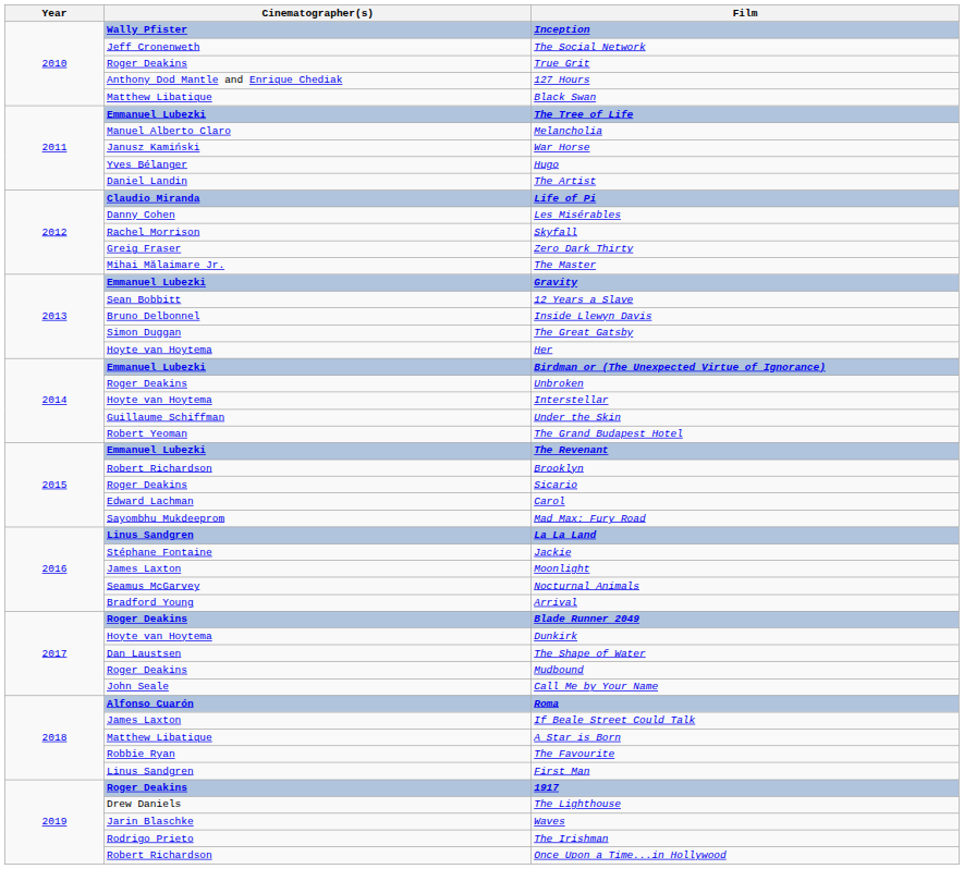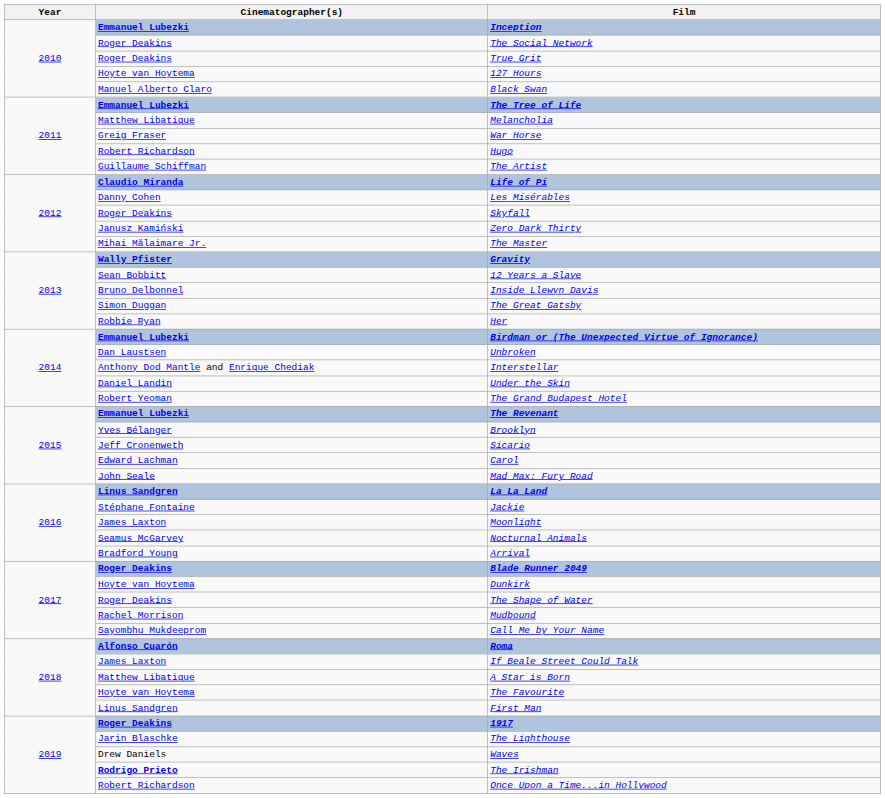 <table class="wikitable" width="95%" cellpadding="5">
 <tr>
 <th width="100"><strong>Year</strong></th>
 <th width="450"><strong>Cinematographer(s)</strong></th>
 <th width="450"><strong>Film</strong></th>
 </tr>
 <tr>
 <td rowspan="5" style="text-align:center;"><a href='#'>2010</a></td>
-<td style="background:#B0C4DE;"><strong><a href='#'>Wally Pfister</a></strong></td>
+<td style="background:#B0C4DE;"><strong><a href='#'>Emmanuel Lubezki</a></strong></td>
 <td style="background:#B0C4DE;"><strong><em><a href='#'>Inception</a></em></strong></td>
 </tr>
 <tr>
-<td><a href='#'>Jeff Cronenweth</a></td>
+<td><a href='#'>Roger Deakins</a></td>
 <td><em><a href='#'>The Social Network</a></em></td>
 </tr>
 <tr>
 <td><a href='#'>Roger Deakins</a></td>
 <td><em><a href='#'>True Grit</a></em></td>
 </tr>
 <tr>
-<td><a href='#'>Anthony Dod Mantle</a> and <a href='#'>Enrique Chediak</a></td>
+<td><a href='#'>Hoyte van Hoytema</a></td>
 <td><em><a href='#'>127 Hours</a></em></td>
 </tr>
 <tr>
-<td><a href='#'>Matthew Libatique</a></td>
+<td><a href='#'>Manuel Alberto Claro</a></td>
 <td><em><a href='#'>Black Swan</a></em></td>
 </tr>
 <tr>
 <td rowspan="5" style="text-align:center;"><a href='#'>2011</a></td>
 <td style="background:#B0C4DE;"><strong><a href='#'>Emmanuel Lubezki</a></strong></td>
 <td style="background:#B0C4DE;"><strong><em><a href='#'>The Tree of Life</a></em></strong></td>
 </tr>
 <tr>
-<td><a href='#'>Manuel Alberto Claro</a></td>
+<td><a href='#'>Matthew Libatique</a></td>
 <td><em><a href='#'>Melancholia</a></em></td>
 </tr>
 <tr>
-<td><a href='#'>Janusz Kamiński</a></td>
+<td><a href='#'>Greig Fraser</a></td>
 <td><em><a href='#'>War Horse</a></em></td>
 </tr>
 <tr>
-<td><a href='#'>Yves Bélanger</a></td>
+<td><a href='#'>Robert Richardson</a></td>
 <td><em><a href='#'>Hugo</a></em></td>
 </tr>
 <tr>
-<td><a href='#'>Daniel Landin</a></td>
+<td><a href='#'>Guillaume Schiffman</a></td>
 <td><em><a href='#'>The Artist</a></em></td>
 </tr>
 <tr>
 <td rowspan="5" style="text-align:center;"><a href='#'>2012</a></td>
 <td style="background:#B0C4DE;"><strong><a href='#'>Claudio Miranda</a></strong></td>
 <td style="background:#B0C4DE;"><strong><em><a href='#'>Life of Pi</a></em></strong></td>
 </tr>
 <tr>
 <td><a href='#'>Danny Cohen</a></td>
 <td><em><a href='#'>Les Misérables</a></em></td>
 </tr>
 <tr>
-<td><a href='#'>Rachel Morrison</a></td>
+<td><a href='#'>Roger Deakins</a></td>
 <td><em><a href='#'>Skyfall</a></em></td>
 </tr>
 <tr>
-<td><a href='#'>Greig Fraser</a></td>
+<td><a href='#'>Janusz Kamiński</a></td>
 <td><em><a href='#'>Zero Dark Thirty</a></em></td>
 </tr>
 <tr>
 <td><a href='#'>Mihai Mălaimare Jr.</a></td>
 <td><em><a href='#'>The Master</a></em></td>
 </tr>
 <tr>
 <td rowspan="5" style="text-align:center;"><a href='#'>2013</a></td>
-<td style="background:#B0C4DE;"><strong><a href='#'>Emmanuel Lubezki</a></strong></td>
+<td style="background:#B0C4DE;"><strong><a href='#'>Wally Pfister</a></strong></td>
 <td style="background:#B0C4DE;"><strong><em><a href='#'>Gravity</a></em></strong></td>
 </tr>
 <tr>
 <td><a href='#'>Sean Bobbitt</a></td>
 <td><em><a href='#'>12 Years a Slave</a></em></td>
 </tr>
 <tr>
 <td><a href='#'>Bruno Delbonnel</a></td>
 <td><em><a href='#'>Inside Llewyn Davis</a></em></td>
 </tr>
 <tr>
 <td><a href='#'>Simon Duggan</a></td>
 <td><em><a href='#'>The Great Gatsby</a></em></td>
 </tr>
 <tr>
-<td><a href='#'>Hoyte van Hoytema</a></td>
+<td><a href='#'>Robbie Ryan</a></td>
 <td><em><a href='#'>Her</a></em></td>
 </tr>
 <tr>
 <td rowspan="5" style="text-align:center;"><a href='#'>2014</a></td>
 <td style="background:#B0C4DE;"><strong><a href='#'>Emmanuel Lubezki</a></strong></td>
 <td style="background:#B0C4DE;"><strong><em><a href='#'>Birdman or (The Unexpected Virtue of Ignorance)</a></em></strong></td>
 </tr>
 <tr>
-<td><a href='#'>Roger Deakins</a></td>
+<td><a href='#'>Dan Laustsen</a></td>
 <td><em><a href='#'>Unbroken</a></em></td>
 </tr>
 <tr>
-<td><a href='#'>Hoyte van Hoytema</a></td>
+<td><a href='#'>Anthony Dod Mantle</a> and <a href='#'>Enrique Chediak</a></td>
 <td><em><a href='#'>Interstellar</a></em></td>
 </tr>
 <tr>
-<td><a href='#'>Guillaume Schiffman</a></td>
+<td><a href='#'>Daniel Landin</a></td>
 <td><em><a href='#'>Under the Skin</a></em></td>
 </tr>
 <tr>
 <td><a href='#'>Robert Yeoman</a></td>
 <td><em><a href='#'>The Grand Budapest Hotel</a></em></td>
 </tr>
 <tr>
 <td rowspan="5" style="text-align:center;"><a href='#'>2015</a></td>
 <td style="background:#B0C4DE;"><strong><a href='#'>Emmanuel Lubezki</a></strong></td>
 <td style="background:#B0C4DE;"><strong><em><a href='#'>The Revenant</a></em></strong></td>
 </tr>
 <tr>
-<td><a href='#'>Robert Richardson</a></td>
+<td><a href='#'>Yves Bélanger</a></td>
 <td><em><a href='#'>Brooklyn</a></em></td>
 </tr>
 <tr>
-<td><a href='#'>Roger Deakins</a></td>
+<td><a href='#'>Jeff Cronenweth</a></td>
 <td><em><a href='#'>Sicario</a></em></td>
 </tr>
 <tr>
 <td><a href='#'>Edward Lachman</a></td>
 <td><em><a href='#'>Carol</a></em></td>
 </tr>
 <tr>
-<td><a href='#'>Sayombhu Mukdeeprom</a></td>
+<td><a href='#'>John Seale</a></td>
 <td><em><a href='#'>Mad Max: Fury Road</a></em></td>
 </tr>
 <tr>
 <td rowspan="5" style="text-align:center;"><a href='#'>2016</a></td>
 <td style="background:#B0C4DE;"><strong><a href='#'>Linus Sandgren</a></strong></td>
 <td style="background:#B0C4DE;"><strong><em><a href='#'>La La Land</a></em></strong></td>
 </tr>
 <tr>
 <td><a href='#'>Stéphane Fontaine</a></td>
 <td><em><a href='#'>Jackie</a></em></td>
 </tr>
 <tr>
 <td><a href='#'>James Laxton</a></td>
 <td><em><a href='#'>Moonlight</a></em></td>
 </tr>
 <tr>
 <td><a href='#'>Seamus McGarvey</a></td>
 <td><em><a href='#'>Nocturnal Animals</a></em></td>
 </tr>
 <tr>
 <td><a href='#'>Bradford Young</a></td>
 <td><em><a href='#'>Arrival</a></em></td>
 </tr>
 <tr>
 <td rowspan="5" style="text-align:center;"><a href='#'>2017</a></td>
 <td style="background:#B0C4DE;"><strong><a href='#'>Roger Deakins</a></strong></td>
 <td style="background:#B0C4DE;"><strong><em><a href='#'>Blade Runner 2049</a></em></strong></td>
 </tr>
 <tr>
 <td><a href='#'>Hoyte van Hoytema</a></td>
 <td><em><a href='#'>Dunkirk</a></em></td>
 </tr>
 <tr>
-<td><a href='#'>Dan Laustsen</a></td>
+<td><a href='#'>Roger Deakins</a></td>
 <td><em><a href='#'>The Shape of Water</a></em></td>
 </tr>
 <tr>
-<td><a href='#'>Roger Deakins</a></td>
+<td><a href='#'>Rachel Morrison</a></td>
 <td><em><a href='#'>Mudbound</a></em></td>
 </tr>
 <tr>
-<td><a href='#'>John Seale</a></td>
+<td><a href='#'>Sayombhu Mukdeeprom</a></td>
 <td><em><a href='#'>Call Me by Your Name</a></em></td>
 </tr>
 <tr>
 <td rowspan="5" style="text-align:center;"><a href='#'>2018</a></td>
 <td style="background:#B0C4DE;"><strong><a href='#'>Alfonso Cuarón</a></strong></td>
 <td style="background:#B0C4DE;"><strong><em><a href='#'>Roma</a></em></strong></td>
 </tr>
 <tr>
 <td><a href='#'>James Laxton</a></td>
 <td><em><a href='#'>If Beale Street Could Talk</a></em></td>
 </tr>
 <tr>
 <td><a href='#'>Matthew Libatique</a></td>
 <td><em><a href='#'>A Star is Born</a></em></td>
 </tr>
 <tr>
-<td><a href='#'>Robbie Ryan</a></td>
+<td><a href='#'>Hoyte van Hoytema</a></td>
 <td><em><a href='#'>The Favourite</a></em></td>
 </tr>
 <tr>
 <td><a href='#'>Linus Sandgren</a></td>
 <td><em><a href='#'>First Man</a></em></td>
 </tr>
 <tr>
 <td rowspan="5" style="text-align:center;"><a href='#'>2019</a></td>
 <td style="background:#B0C4DE;"><strong><a href='#'>Roger Deakins</a></strong></td>
 <td style="background:#B0C4DE;"><strong><em><a href='#'>1917</a></em></strong></td>
 </tr>
 <tr>
-<td>Drew Daniels</td>
+<td><a href='#'>Jarin Blaschke</a></td>
 <td><em><a href='#'>The Lighthouse</a></em></td>
 </tr>
 <tr>
-<td><a href='#'>Jarin Blaschke</a></td>
+<td>Drew Daniels</td>
 <td><em><a href='#'>Waves</a></em></td>
 </tr>
 <tr>
-<td><a href='#'>Rodrigo Prieto</a></td>
+<td><strong><a href='#'>Rodrigo Prieto</a></strong></td>
 <td><em><a href='#'>The Irishman</a></em></td>
 </tr>
 <tr>
 <td><a href='#'>Robert Richardson</a></td>
 <td><em><a href='#'>Once Upon a Time...in Hollywood</a></em></td>
 </tr>
 </table>
